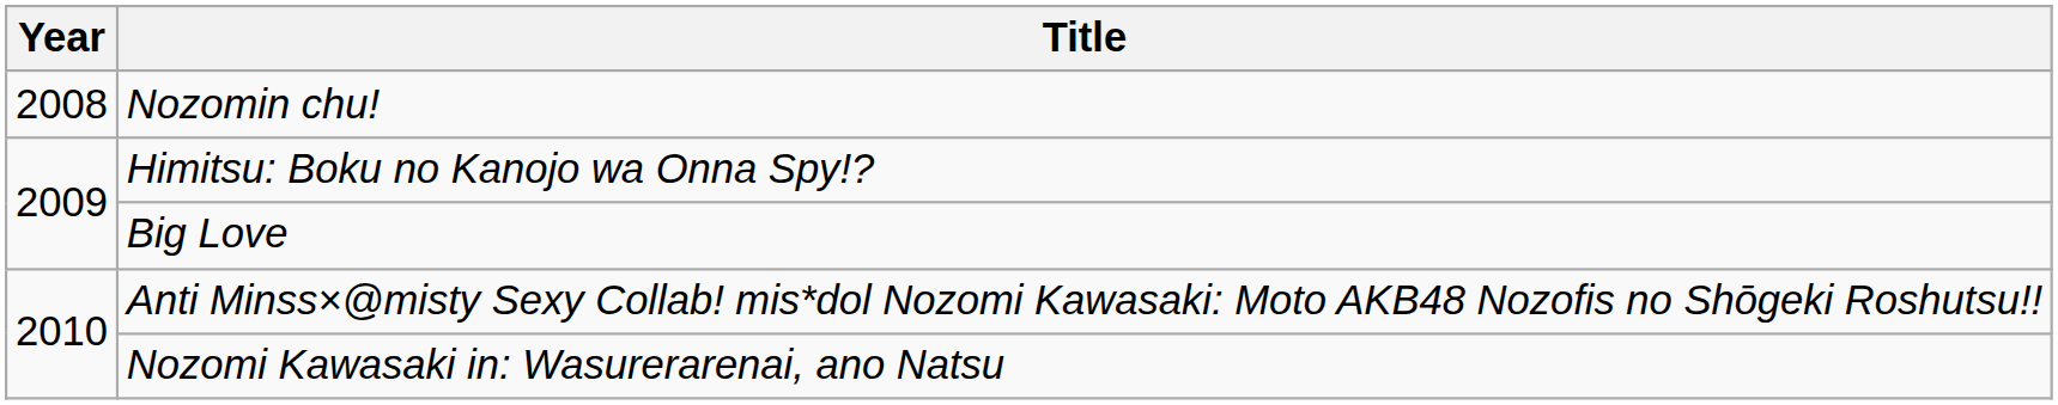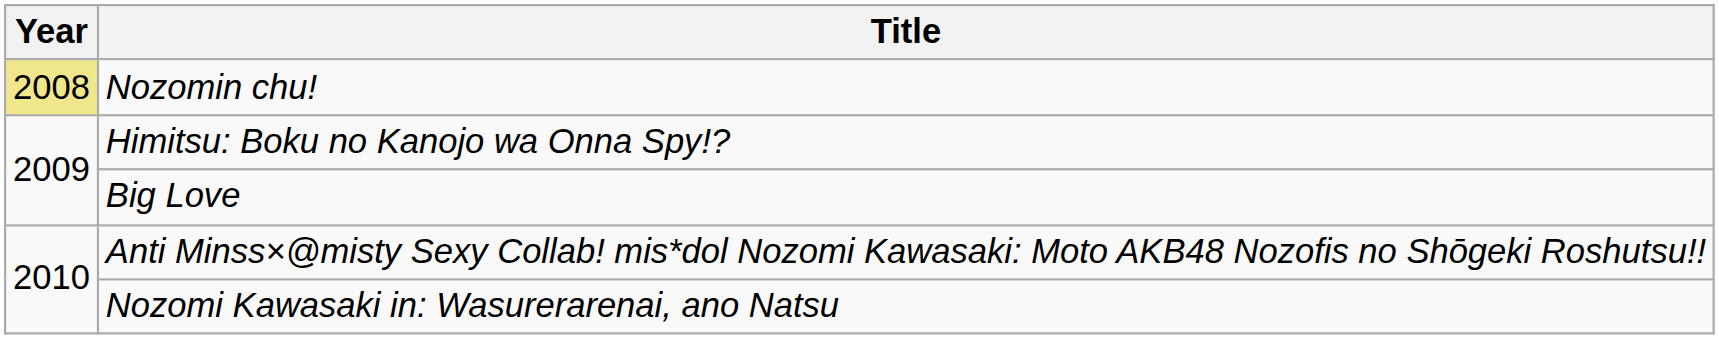 <table class="wikitable">
 <tr>
 <th>Year</th>
 <th>Title</th>
 </tr>
 <tr>
-<td>2008</td>
+<td style="background: khaki;">2008</td>
 <td><em>Nozomin chu!</em></td>
 </tr>
 <tr>
 <td rowspan="2">2009</td>
 <td><em>Himitsu: Boku no Kanojo wa Onna Spy!?</em></td>
 </tr>
 <tr>
 <td><em>Big Love</em></td>
 </tr>
 <tr>
 <td rowspan="2">2010</td>
 <td><em>Anti Minss×@misty Sexy Collab! mis*dol Nozomi Kawasaki: Moto AKB48 Nozofis no Shōgeki Roshutsu!!</em></td>
 </tr>
 <tr>
 <td><em>Nozomi Kawasaki in: Wasurerarenai, ano Natsu</em></td>
 </tr>
 </table>
